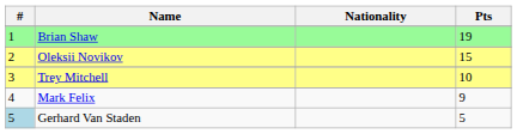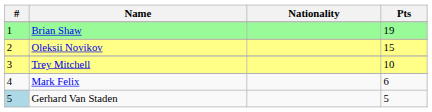 <table class="wikitable" style="display: inline-table; width: 50%;">
 <tr>
 <th>#</th>
 <th>Name</th>
 <th>Nationality</th>
 <th>Pts</th>
 </tr>
 <tr>
 </tr>
 <tr style="background:palegreen">
 <td>1</td>
 <td><a href='#'>Brian Shaw</a></td>
 <td></td>
 <td>19</td>
 </tr>
 <tr>
 </tr>
 <tr style="background:#ff8">
 <td>2</td>
 <td><a href='#'>Oleksii Novikov</a></td>
 <td></td>
 <td>15</td>
 </tr>
 <tr>
 </tr>
 <tr style="background:#ff8">
 <td>3</td>
 <td><a href='#'>Trey Mitchell</a></td>
 <td></td>
 <td>10</td>
 </tr>
 <tr>
 </tr>
 <tr style="background:">
 <td>4</td>
 <td><a href='#'>Mark Felix</a></td>
 <td></td>
-<td>9</td>
+<td>6</td>
 </tr>
 <tr>
 <td style="background: lightblue;">5</td>
 <td>Gerhard Van Staden</td>
 <td></td>
 <td>5</td>
 </tr>
 </table>
